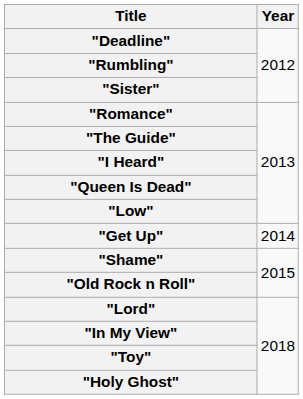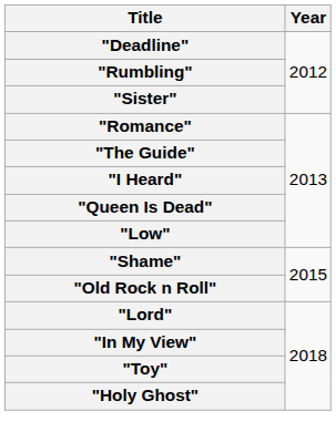 <table class="wikitable plainrowheaders" style="text-align:center;">
 <tr>
 <th scope="col" style="width:16em;">Title</th>
 <th scope="col">Year</th>
 </tr>
 <tr>
 <th scope="row">"Deadline"</th>
 <td rowspan="3">2012</td>
 </tr>
 <tr>
 <th scope="row">"Rumbling"</th>
 </tr>
 <tr>
 <th scope="row">"Sister"</th>
 </tr>
 <tr>
 <th scope="row">"Romance"</th>
 <td rowspan="5">2013</td>
 </tr>
 <tr>
 <th scope="row">"The Guide"</th>
 </tr>
 <tr>
 <th scope="row">"I Heard"</th>
 </tr>
 <tr>
 <th scope="row">"Queen Is Dead"</th>
 </tr>
 <tr>
 <th scope="row">"Low"</th>
 </tr>
 <tr>
-<th scope="row">"Get Up"</th>
-<td>2014</td>
-</tr>
-<tr>
 <th scope="row">"Shame"</th>
 <td rowspan="2">2015</td>
 </tr>
 <tr>
 <th scope="row">"Old Rock n Roll"</th>
 </tr>
 <tr>
 <th scope="row">"Lord"</th>
 <td rowspan="4">2018</td>
 </tr>
 <tr>
 <th scope="row">"In My View"</th>
 </tr>
 <tr>
 <th scope="row">"Toy"</th>
 </tr>
 <tr>
 <th scope="row">"Holy Ghost"</th>
 </tr>
 </table>
